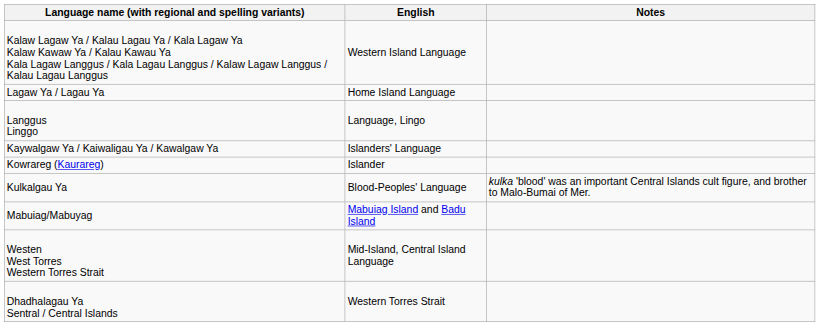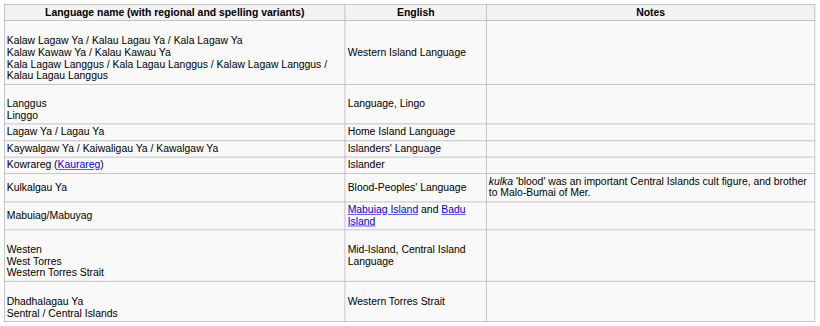 <table class="wikitable sortable mw-collapsible">
 <tr>
 <th>Language name (with regional and spelling variants)</th>
 <th>English</th>
 <th>Notes</th>
 </tr>
 <tr>
 <td><br>Kalaw Lagaw Ya / Kalau Lagau Ya / Kala Lagaw Ya<br> Kalaw Kawaw Ya / Kalau Kawau Ya <br> Kala Lagaw Langgus / Kala Lagau Langgus / Kalaw Lagaw Langgus / Kalau Lagau Langgus</td>
 <td>Western Island Language</td>
 <td></td>
 </tr>
 <tr>
-<td>Lagaw Ya / Lagau Ya</td>
-<td>Home Island Language</td>
+<td><br>Langgus<br> Linggo</td>
+<td>Language, Lingo</td>
 <td></td>
 </tr>
 <tr>
-<td><br>Langgus<br> Linggo</td>
-<td>Language, Lingo</td>
+<td>Lagaw Ya / Lagau Ya</td>
+<td>Home Island Language</td>
 <td></td>
 </tr>
 <tr>
 <td>Kaywalgaw Ya / Kaiwaligau Ya / Kawalgaw Ya</td>
 <td>Islanders' Language</td>
 <td></td>
 </tr>
 <tr>
 <td>Kowrareg (<a href='#'>Kaurareg</a>)</td>
 <td>Islander</td>
 <td></td>
 </tr>
 <tr>
 <td>Kulkalgau Ya</td>
 <td>Blood-Peoples' Language</td>
 <td><em>kulka</em> 'blood' was an important Central Islands cult figure, and brother to Malo-Bumai of Mer.</td>
 </tr>
 <tr>
 <td>Mabuiag/Mabuyag</td>
 <td><a href='#'>Mabuiag Island</a> and <a href='#'>Badu Island</a></td>
 <td></td>
 </tr>
 <tr>
 <td><br>Westen<br> West Torres<br> Western Torres Strait</td>
 <td>Mid-Island, Central Island Language</td>
 <td></td>
 </tr>
 <tr>
 <td><br>Dhadhalagau Ya<br> Sentral / Central Islands</td>
 <td>Western Torres Strait</td>
 <td></td>
 </tr>
 </table>
